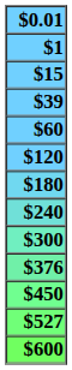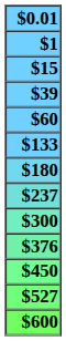 <table border=1 cellspacing=0 cellpadding=1 width=50px|->
 <tr>
 <td bgcolor=#70D0FF align=right><strong>$0.01</strong></td>
 </tr>
 <tr>
 <td bgcolor=#70D0FF align=right><strong>$1</strong></td>
 </tr>
 <tr>
 <td bgcolor=#70D0FF align=right><strong>$15</strong></td>
 </tr>
 <tr>
 <td bgcolor=#70D0FF align=right><strong>$39</strong></td>
 </tr>
 <tr>
 <td bgcolor=#70D0FF align=right><strong>$60</strong></td>
 </tr>
 <tr>
-<td bgcolor=#70D0FF align=right><strong>$120</strong></td>
+<td bgcolor=#70D0FF align=right><strong>$133</strong></td>
 </tr>
 <tr>
 <td bgcolor=#70D8F0 align=right><strong>$180</strong></td>
 </tr>
 <tr>
-<td bgcolor=#70E0D8 align=right><strong>$240</strong></td>
+<td bgcolor=#70E0D8 align=right><strong>$237</strong></td>
 </tr>
 <tr>
 <td bgcolor=#70EFC0 align=right><strong>$300</strong></td>
 </tr>
 <tr>
 <td bgcolor=#70F0A8 align=right><strong>$376</strong></td>
 </tr>
 <tr>
 <td bgcolor=#70FF90 align=right><strong>$450</strong></td>
 </tr>
 <tr>
 <td bgcolor=#70FF78 align=right><strong>$527</strong></td>
 </tr>
 <tr>
 <td bgcolor=#70FF60 align=right><strong>$600</strong></td>
 </tr>
 </table>
